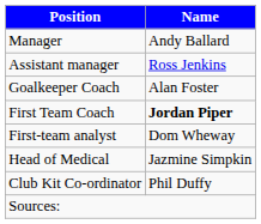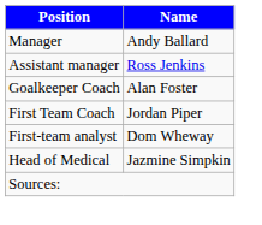 <table class="wikitable" style="text-align: left">
 <tr>
 <th style="color:#FFFFFF;background:#0000FF;">Position</th>
 <th style="color:#FFFFFF;background:#0000FF;">Name</th>
 </tr>
 <tr>
 <td>Manager</td>
 <td>Andy Ballard</td>
 </tr>
 <tr>
 <td>Assistant manager</td>
 <td><a href='#'>Ross Jenkins</a></td>
 </tr>
 <tr>
 <td>Goalkeeper Coach</td>
 <td>Alan Foster</td>
 </tr>
 <tr>
 <td>First Team Coach</td>
-<td><strong>Jordan Piper</strong></td>
+<td>Jordan Piper</td>
 </tr>
 <tr>
 <td>First-team analyst</td>
 <td>Dom Wheway</td>
 </tr>
 <tr>
 <td>Head of Medical</td>
 <td>Jazmine Simpkin</td>
 </tr>
 <tr>
-<td>Club Kit Co-ordinator</td>
-<td>Phil Duffy</td>
-</tr>
-<tr>
 <td colspan=2>Sources:</td>
 </tr>
 </table>
